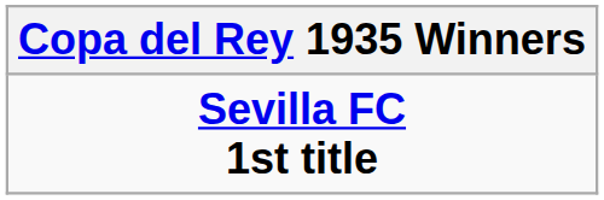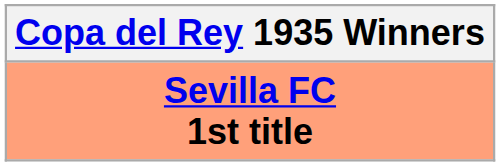 <table class="wikitable" style="text-align: center; margin: 0 auto;">
 <tr>
 <th><a href='#'>Copa del Rey</a> 1935 Winners</th>
 </tr>
 <tr>
-<td><strong><a href='#'>Sevilla FC</a></strong><br><strong>1st title</strong></td>
+<td style="background: lightsalmon;"><strong><a href='#'>Sevilla FC</a></strong><br><strong>1st title</strong></td>
 </tr>
 </table>
